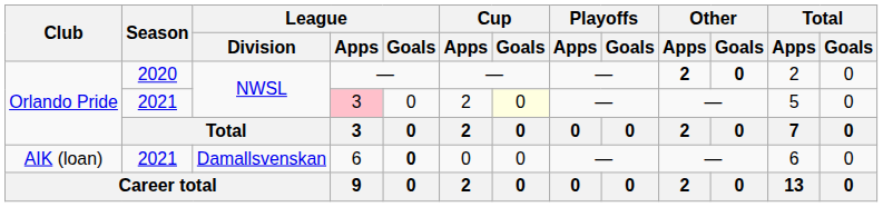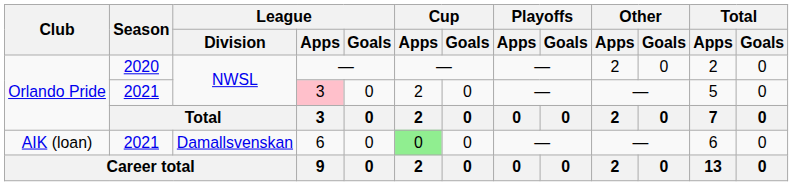 <table class="wikitable" style="text-align: center;">
 <tr>
 <th rowspan="2">Club</th>
 <th rowspan="2">Season</th>
 <th colspan="3">League</th>
 <th colspan="2">Cup</th>
 <th colspan="2">Playoffs</th>
 <th colspan="2">Other</th>
 <th colspan="2">Total</th>
 </tr>
 <tr>
 <th>Division</th>
 <th>Apps</th>
 <th>Goals</th>
 <th>Apps</th>
 <th>Goals</th>
 <th>Apps</th>
 <th>Goals</th>
 <th>Apps</th>
 <th>Goals</th>
 <th>Apps</th>
 <th>Goals</th>
 </tr>
 <tr>
 <td rowspan="3"><a href='#'>Orlando Pride</a></td>
 <td><a href='#'>2020</a></td>
 <td rowspan="2"><a href='#'>NWSL</a></td>
 <td colspan="2">—</td>
 <td colspan="2">—</td>
 <td colspan="2">—</td>
-<td><strong>2</strong></td>
-<td><strong>0</strong></td>
+<td>2</td>
+<td>0</td>
 <td>2</td>
 <td>0</td>
 </tr>
 <tr>
 <td><a href='#'>2021</a></td>
 <td style="background: pink;">3</td>
 <td>0</td>
 <td>2</td>
-<td style="background: lightyellow;">0</td>
+<td>0</td>
 <td colspan="2">—</td>
 <td colspan="2">—</td>
 <td>5</td>
 <td>0</td>
 </tr>
 <tr>
 <th colspan="2">Total</th>
 <th>3</th>
 <th>0</th>
 <th>2</th>
 <th>0</th>
 <th>0</th>
 <th>0</th>
 <th>2</th>
 <th>0</th>
 <th>7</th>
 <th>0</th>
 </tr>
 <tr>
 <td><a href='#'>AIK</a> (loan)</td>
 <td><a href='#'>2021</a></td>
 <td><a href='#'>Damallsvenskan</a></td>
 <td>6</td>
-<td><strong>0</strong></td>
 <td>0</td>
+<td style="background: lightgreen;">0</td>
 <td>0</td>
 <td colspan="2">—</td>
 <td colspan="2">—</td>
 <td>6</td>
 <td>0</td>
 </tr>
 <tr>
 <th colspan="3">Career total</th>
 <th>9</th>
 <th>0</th>
 <th>2</th>
 <th>0</th>
 <th>0</th>
 <th>0</th>
 <th>2</th>
 <th>0</th>
 <th>13</th>
 <th>0</th>
 </tr>
 </table>
